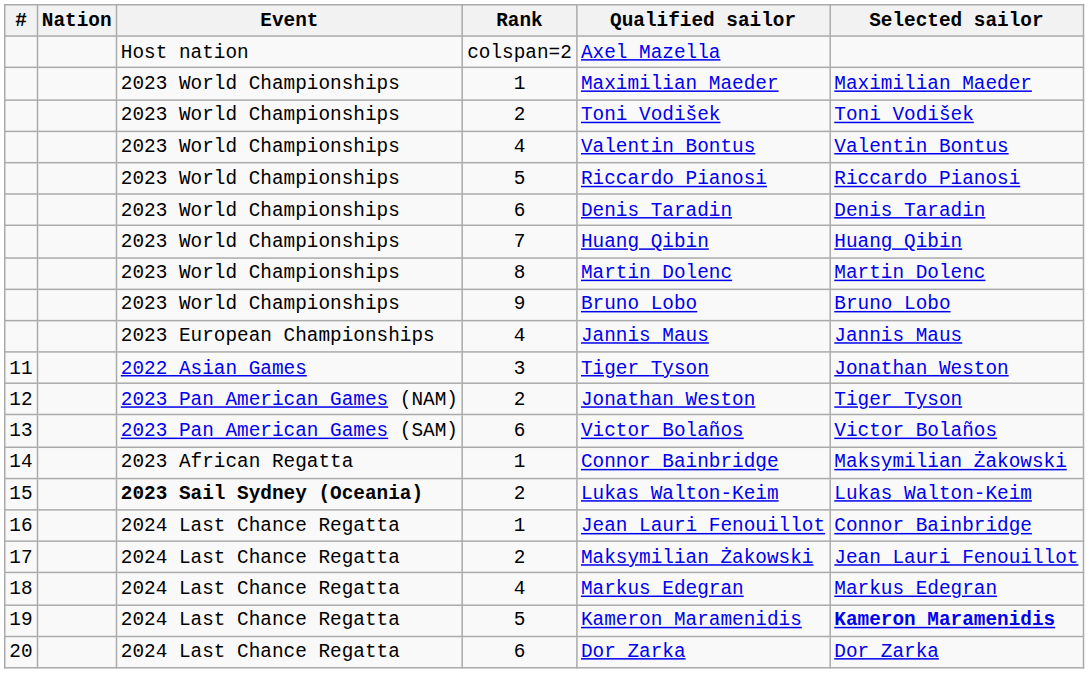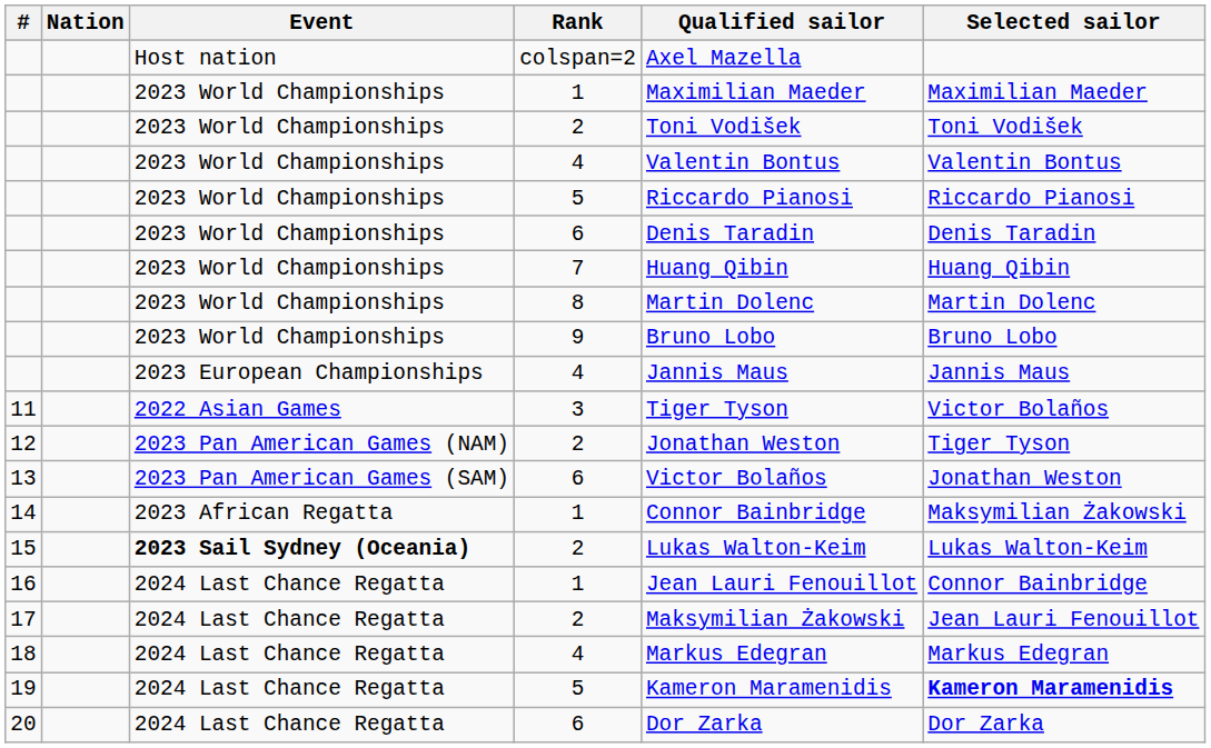 <table class="sortable wikitable">
 <tr>
 <th>#</th>
 <th>Nation</th>
 <th>Event</th>
 <th>Rank</th>
 <th>Qualified sailor</th>
 <th>Selected sailor</th>
 </tr>
 <tr>
 <td></td>
 <td></td>
 <td>Host nation</td>
 <td>colspan=2 </td>
 <td><a href='#'>Axel Mazella</a></td>
 </tr>
 <tr>
 <td></td>
 <td></td>
 <td>2023 World Championships</td>
 <td align=center>1</td>
 <td><a href='#'>Maximilian Maeder</a></td>
 <td><a href='#'>Maximilian Maeder</a></td>
 </tr>
 <tr>
 <td></td>
 <td></td>
 <td>2023 World Championships</td>
 <td align=center>2</td>
 <td><a href='#'>Toni Vodišek</a></td>
 <td><a href='#'>Toni Vodišek</a></td>
 </tr>
 <tr>
 <td></td>
 <td></td>
 <td>2023 World Championships</td>
 <td align=center>4</td>
 <td><a href='#'>Valentin Bontus</a></td>
 <td><a href='#'>Valentin Bontus</a></td>
 </tr>
 <tr>
 <td></td>
 <td></td>
 <td>2023 World Championships</td>
 <td align=center>5</td>
 <td><a href='#'>Riccardo Pianosi</a></td>
 <td><a href='#'>Riccardo Pianosi</a></td>
 </tr>
 <tr>
 <td></td>
 <td></td>
 <td>2023 World Championships</td>
 <td align=center>6</td>
 <td><a href='#'>Denis Taradin</a></td>
 <td><a href='#'>Denis Taradin</a></td>
 </tr>
 <tr>
 <td></td>
 <td></td>
 <td>2023 World Championships</td>
 <td align=center>7</td>
 <td><a href='#'>Huang Qibin</a></td>
 <td><a href='#'>Huang Qibin</a></td>
 </tr>
 <tr>
 <td></td>
 <td></td>
 <td>2023 World Championships</td>
 <td align=center>8</td>
 <td><a href='#'>Martin Dolenc</a></td>
 <td><a href='#'>Martin Dolenc</a></td>
 </tr>
 <tr>
 <td></td>
 <td></td>
 <td>2023 World Championships</td>
 <td align=center>9</td>
 <td><a href='#'>Bruno Lobo</a></td>
 <td><a href='#'>Bruno Lobo</a></td>
 </tr>
 <tr>
 <td></td>
 <td></td>
 <td>2023 European Championships</td>
 <td align=center>4</td>
 <td><a href='#'>Jannis Maus</a></td>
 <td><a href='#'>Jannis Maus</a></td>
 </tr>
 <tr>
 <td>11</td>
 <td></td>
 <td><a href='#'>2022 Asian Games</a></td>
 <td align=center>3</td>
 <td><a href='#'>Tiger Tyson</a></td>
-<td><a href='#'>Jonathan Weston</a></td>
+<td><a href='#'>Victor Bolaños</a></td>
 </tr>
 <tr>
 <td>12</td>
 <td></td>
 <td><a href='#'>2023 Pan American Games</a> (NAM)</td>
 <td align=center>2</td>
 <td><a href='#'>Jonathan Weston</a></td>
 <td><a href='#'>Tiger Tyson</a></td>
 </tr>
 <tr>
 <td>13</td>
 <td></td>
 <td><a href='#'>2023 Pan American Games</a> (SAM)</td>
 <td align=center>6</td>
 <td><a href='#'>Victor Bolaños</a></td>
-<td><a href='#'>Victor Bolaños</a></td>
+<td><a href='#'>Jonathan Weston</a></td>
 </tr>
 <tr>
 <td>14</td>
 <td></td>
 <td>2023 African Regatta</td>
 <td align=center>1</td>
 <td><a href='#'>Connor Bainbridge</a></td>
 <td><a href='#'>Maksymilian Żakowski</a></td>
 </tr>
 <tr>
 <td>15</td>
 <td></td>
 <td><strong>2023 Sail Sydney (Oceania)</strong></td>
 <td align=center>2</td>
 <td><a href='#'>Lukas Walton-Keim</a></td>
 <td><a href='#'>Lukas Walton-Keim</a></td>
 </tr>
 <tr>
 <td>16</td>
 <td></td>
 <td>2024 Last Chance Regatta</td>
 <td align=center>1</td>
 <td><a href='#'>Jean Lauri Fenouillot</a></td>
 <td><a href='#'>Connor Bainbridge</a></td>
 </tr>
 <tr>
 <td>17</td>
 <td></td>
 <td>2024 Last Chance Regatta</td>
 <td align=center>2</td>
 <td><a href='#'>Maksymilian Żakowski</a></td>
 <td><a href='#'>Jean Lauri Fenouillot</a></td>
 </tr>
 <tr>
 <td>18</td>
 <td></td>
 <td>2024 Last Chance Regatta</td>
 <td align=center>4</td>
 <td><a href='#'>Markus Edegran</a></td>
 <td><a href='#'>Markus Edegran</a></td>
 </tr>
 <tr>
 <td>19</td>
 <td></td>
 <td>2024 Last Chance Regatta</td>
 <td align=center>5</td>
 <td><a href='#'>Kameron Maramenidis</a></td>
 <td><strong><a href='#'>Kameron Maramenidis</a></strong></td>
 </tr>
 <tr>
 <td>20</td>
 <td></td>
 <td>2024 Last Chance Regatta</td>
 <td align=center>6</td>
 <td><a href='#'>Dor Zarka</a></td>
 <td><a href='#'>Dor Zarka</a></td>
 </tr>
 </table>
